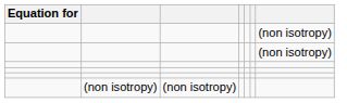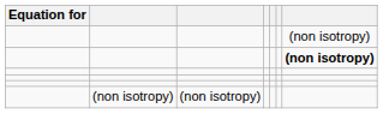 <table class="wikitable" style="text-align: center">
 <tr>
 <th scope="col">Equation for</th>
 <th scope="col"></th>
 <th scope="col"></th>
 <th scope="col"></th>
 <th scope="col"></th>
 <th scope="col"></th>
 <th scope="col"></th>
 </tr>
 <tr>
 <td></td>
 <td></td>
 <td></td>
 <td></td>
 <td></td>
 <td></td>
 <td> (non isotropy)</td>
 </tr>
 <tr>
 <td></td>
 <td></td>
 <td></td>
 <td></td>
 <td></td>
 <td></td>
-<td> (non isotropy)</td>
+<td><strong> (non isotropy)</strong></td>
 </tr>
 <tr>
 <td></td>
 <td></td>
 <td></td>
 <td></td>
 <td></td>
 <td></td>
 <td></td>
 </tr>
 <tr>
 <td></td>
 <td></td>
 <td></td>
 <td></td>
 <td></td>
 <td></td>
 <td></td>
 </tr>
 <tr>
 <td></td>
 <td></td>
 <td></td>
 <td></td>
 <td></td>
 <td></td>
 <td></td>
 </tr>
 <tr>
 <td></td>
 <td> (non isotropy)</td>
 <td> (non isotropy)</td>
 <td></td>
 <td></td>
 <td></td>
 <td></td>
 </tr>
 </table>
